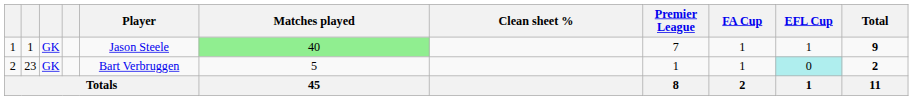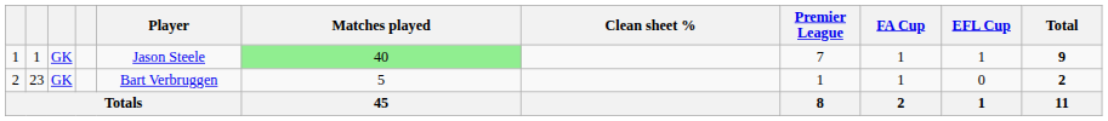 <table class="wikitable sortable" style="text-align:center; width:60%;">
 <tr>
 <th width=15></th>
 <th width=15></th>
 <th width=15></th>
 <th width=15></th>
 <th scope="col" style="width:150px">Player</th>
 <th>Matches played</th>
 <th>Clean sheet %</th>
 <th width=80><a href='#'>Premier League</a></th>
 <th width=80><a href='#'>FA Cup</a></th>
 <th width=80><a href='#'>EFL Cup</a></th>
 <th width=80>Total</th>
 </tr>
 <tr>
 <td>1</td>
 <td>1</td>
 <td><a href='#'>GK</a></td>
 <td></td>
 <td><a href='#'>Jason Steele</a></td>
 <td style="background: lightgreen;">40</td>
 <td></td>
 <td>7</td>
 <td>1</td>
 <td>1</td>
 <td><strong>9</strong></td>
 </tr>
 <tr>
 <td>2</td>
 <td>23</td>
 <td><a href='#'>GK</a></td>
 <td></td>
 <td><a href='#'>Bart Verbruggen</a></td>
 <td>5</td>
 <td></td>
 <td>1</td>
 <td>1</td>
-<td style="background: paleturquoise;">0</td>
+<td>0</td>
 <td><strong>2</strong></td>
 </tr>
 <tr>
 <th colspan="5">Totals</th>
 <th>45</th>
 <th></th>
 <th>8</th>
 <th>2</th>
 <th>1</th>
 <th>11</th>
 </tr>
 </table>
